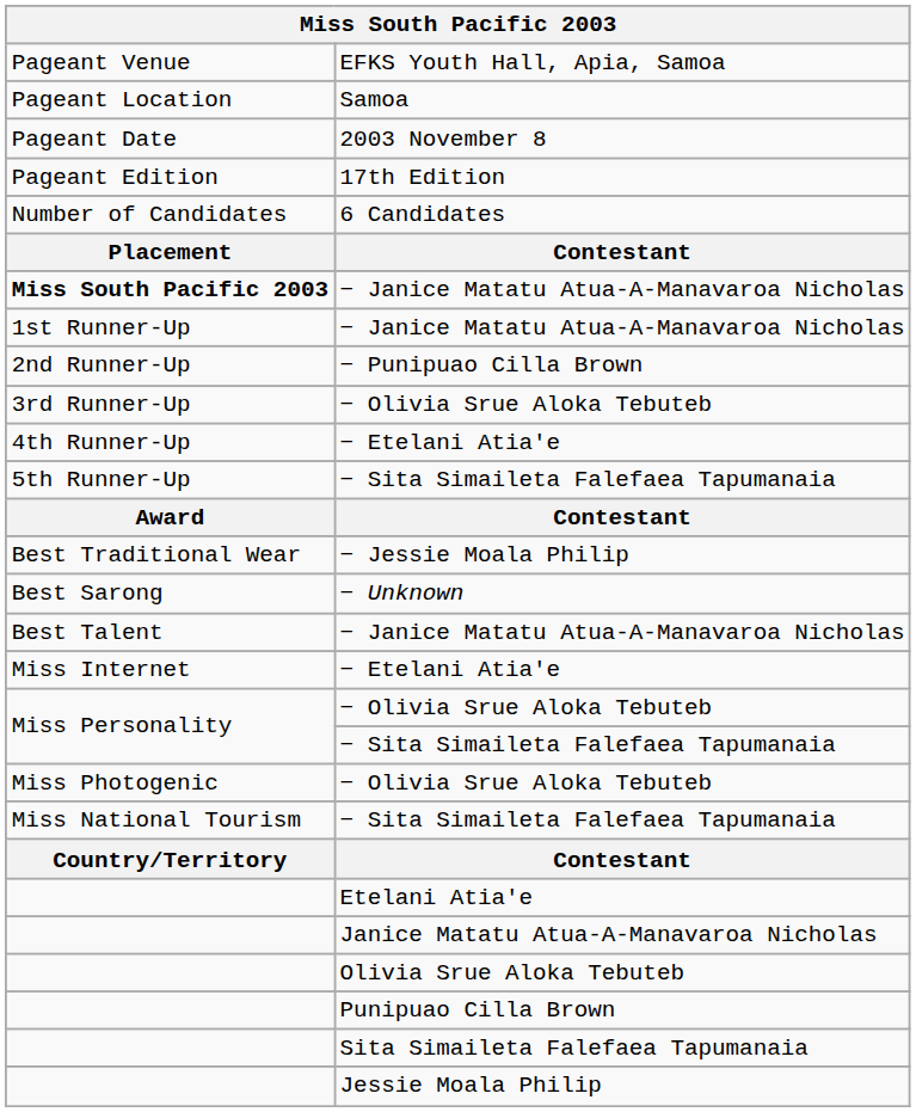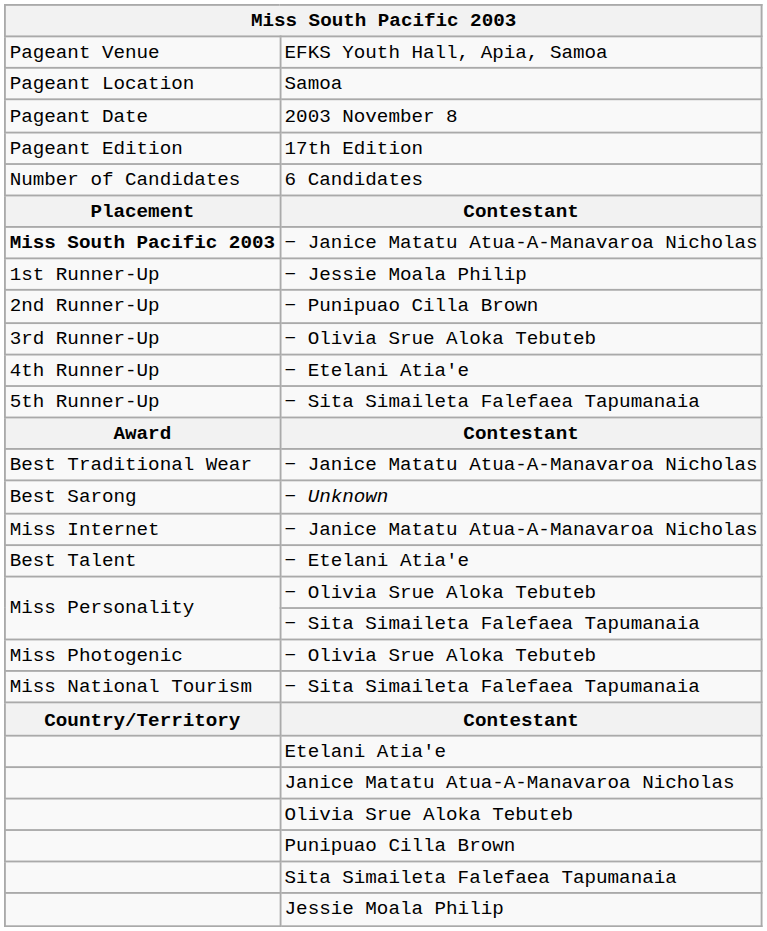 <table class="wikitable sortable" style="font-size: 80%;">
 <tr>
 <th colspan="2"><strong>Miss South Pacific 2003</strong></th>
 </tr>
 <tr>
 <td>Pageant Venue</td>
 <td>EFKS Youth Hall, Apia, Samoa</td>
 </tr>
 <tr>
 <td>Pageant Location</td>
 <td>Samoa</td>
 </tr>
 <tr>
 <td>Pageant Date</td>
 <td>2003 November 8</td>
 </tr>
 <tr>
 <td>Pageant Edition</td>
 <td>17th Edition</td>
 </tr>
 <tr>
 <td>Number of Candidates</td>
 <td>6 Candidates</td>
 </tr>
 <tr>
 <th>Placement</th>
 <th>Contestant</th>
 </tr>
 <tr>
 <td><strong>Miss South Pacific 2003</strong></td>
 <td> − Janice Matatu Atua-A-Manavaroa Nicholas</td>
 </tr>
 <tr>
 <td>1st Runner-Up</td>
-<td> − Janice Matatu Atua-A-Manavaroa Nicholas</td>
+<td> − Jessie Moala Philip</td>
 </tr>
 <tr>
 <td>2nd Runner-Up</td>
 <td> − Punipuao Cilla Brown</td>
 </tr>
 <tr>
 <td>3rd Runner-Up</td>
 <td> − Olivia Srue Aloka Tebuteb</td>
 </tr>
 <tr>
 <td>4th Runner-Up</td>
 <td> − Etelani Atia'e</td>
 </tr>
 <tr>
 <td>5th Runner-Up</td>
 <td> − Sita Simaileta Falefaea Tapumanaia</td>
 </tr>
 <tr>
 <th>Award</th>
 <th>Contestant</th>
 </tr>
 <tr>
 <td>Best Traditional Wear</td>
-<td> − Jessie Moala Philip</td>
+<td> − Janice Matatu Atua-A-Manavaroa Nicholas</td>
 </tr>
 <tr>
 <td>Best Sarong</td>
 <td> − <em>Unknown</em></td>
 </tr>
 <tr>
-<td>Best Talent</td>
+<td>Miss Internet</td>
 <td> − Janice Matatu Atua-A-Manavaroa Nicholas</td>
 </tr>
 <tr>
-<td>Miss Internet</td>
+<td>Best Talent</td>
 <td> − Etelani Atia'e</td>
 </tr>
 <tr>
 <td rowspan="2">Miss Personality</td>
 <td> − Olivia Srue Aloka Tebuteb</td>
 </tr>
 <tr>
 <td> − Sita Simaileta Falefaea Tapumanaia</td>
 </tr>
 <tr>
 <td>Miss Photogenic</td>
 <td> − Olivia Srue Aloka Tebuteb</td>
 </tr>
 <tr>
 <td>Miss National Tourism</td>
 <td> − Sita Simaileta Falefaea Tapumanaia</td>
 </tr>
 <tr>
 <th><strong>Country/Territory</strong></th>
 <th>Contestant</th>
 </tr>
 <tr>
 <td></td>
 <td>Etelani Atia'e</td>
 </tr>
 <tr>
 <td></td>
 <td>Janice Matatu Atua-A-Manavaroa Nicholas</td>
 </tr>
 <tr>
 <td></td>
 <td>Olivia Srue Aloka Tebuteb</td>
 </tr>
 <tr>
 <td></td>
 <td>Punipuao Cilla Brown</td>
 </tr>
 <tr>
 <td></td>
 <td>Sita Simaileta Falefaea Tapumanaia</td>
 </tr>
 <tr>
 <td></td>
 <td>Jessie Moala Philip</td>
 </tr>
 </table>
